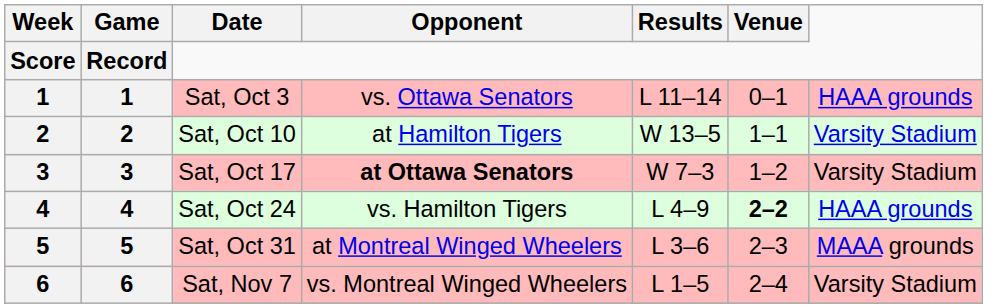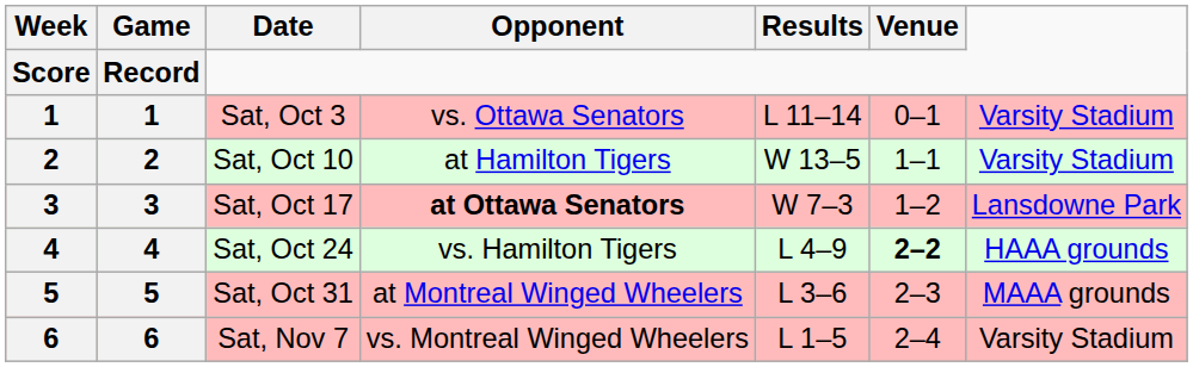 <table class="wikitable" style="text-align:center">
 <tr>
 <th>Week</th>
 <th>Game</th>
 <th>Date</th>
 <th>Opponent</th>
 <th>Results</th>
 <th>Venue</th>
 </tr>
 <tr>
 <th>Score</th>
 <th>Record</th>
 </tr>
 <tr style="background:#ffbbbb">
 <th>1</th>
 <th>1</th>
 <td>Sat, Oct 3</td>
 <td>vs. <a href='#'>Ottawa Senators</a></td>
 <td>L 11–14</td>
 <td>0–1</td>
-<td><a href='#'>HAAA grounds</a></td>
+<td><a href='#'>Varsity Stadium</a></td>
 </tr>
 <tr style="background:#ddffdd">
 <th>2</th>
 <th>2</th>
 <td>Sat, Oct 10</td>
 <td>at <a href='#'>Hamilton Tigers</a></td>
 <td>W 13–5</td>
 <td>1–1</td>
 <td><a href='#'>Varsity Stadium</a></td>
 </tr>
 <tr style="background:#ffbbbb">
 <th>3</th>
 <th>3</th>
 <td>Sat, Oct 17</td>
 <td><strong>at Ottawa Senators</strong></td>
 <td>W 7–3</td>
 <td>1–2</td>
-<td>Varsity Stadium</td>
+<td><a href='#'>Lansdowne Park</a></td>
 </tr>
 <tr style="background:#ddffdd">
 <th>4</th>
 <th>4</th>
 <td>Sat, Oct 24</td>
 <td>vs. Hamilton Tigers</td>
 <td>L 4–9</td>
 <td><strong>2–2</strong></td>
 <td><a href='#'>HAAA grounds</a></td>
 </tr>
 <tr style="background:#ffbbbb">
 <th>5</th>
 <th>5</th>
 <td>Sat, Oct 31</td>
 <td>at <a href='#'>Montreal Winged Wheelers</a></td>
 <td>L 3–6</td>
 <td>2–3</td>
 <td><a href='#'>MAAA</a> grounds</td>
 </tr>
 <tr style="background:#ffbbbb">
 <th>6</th>
 <th>6</th>
 <td>Sat, Nov 7</td>
 <td>vs. Montreal Winged Wheelers</td>
 <td>L 1–5</td>
 <td>2–4</td>
 <td>Varsity Stadium</td>
 </tr>
 </table>
